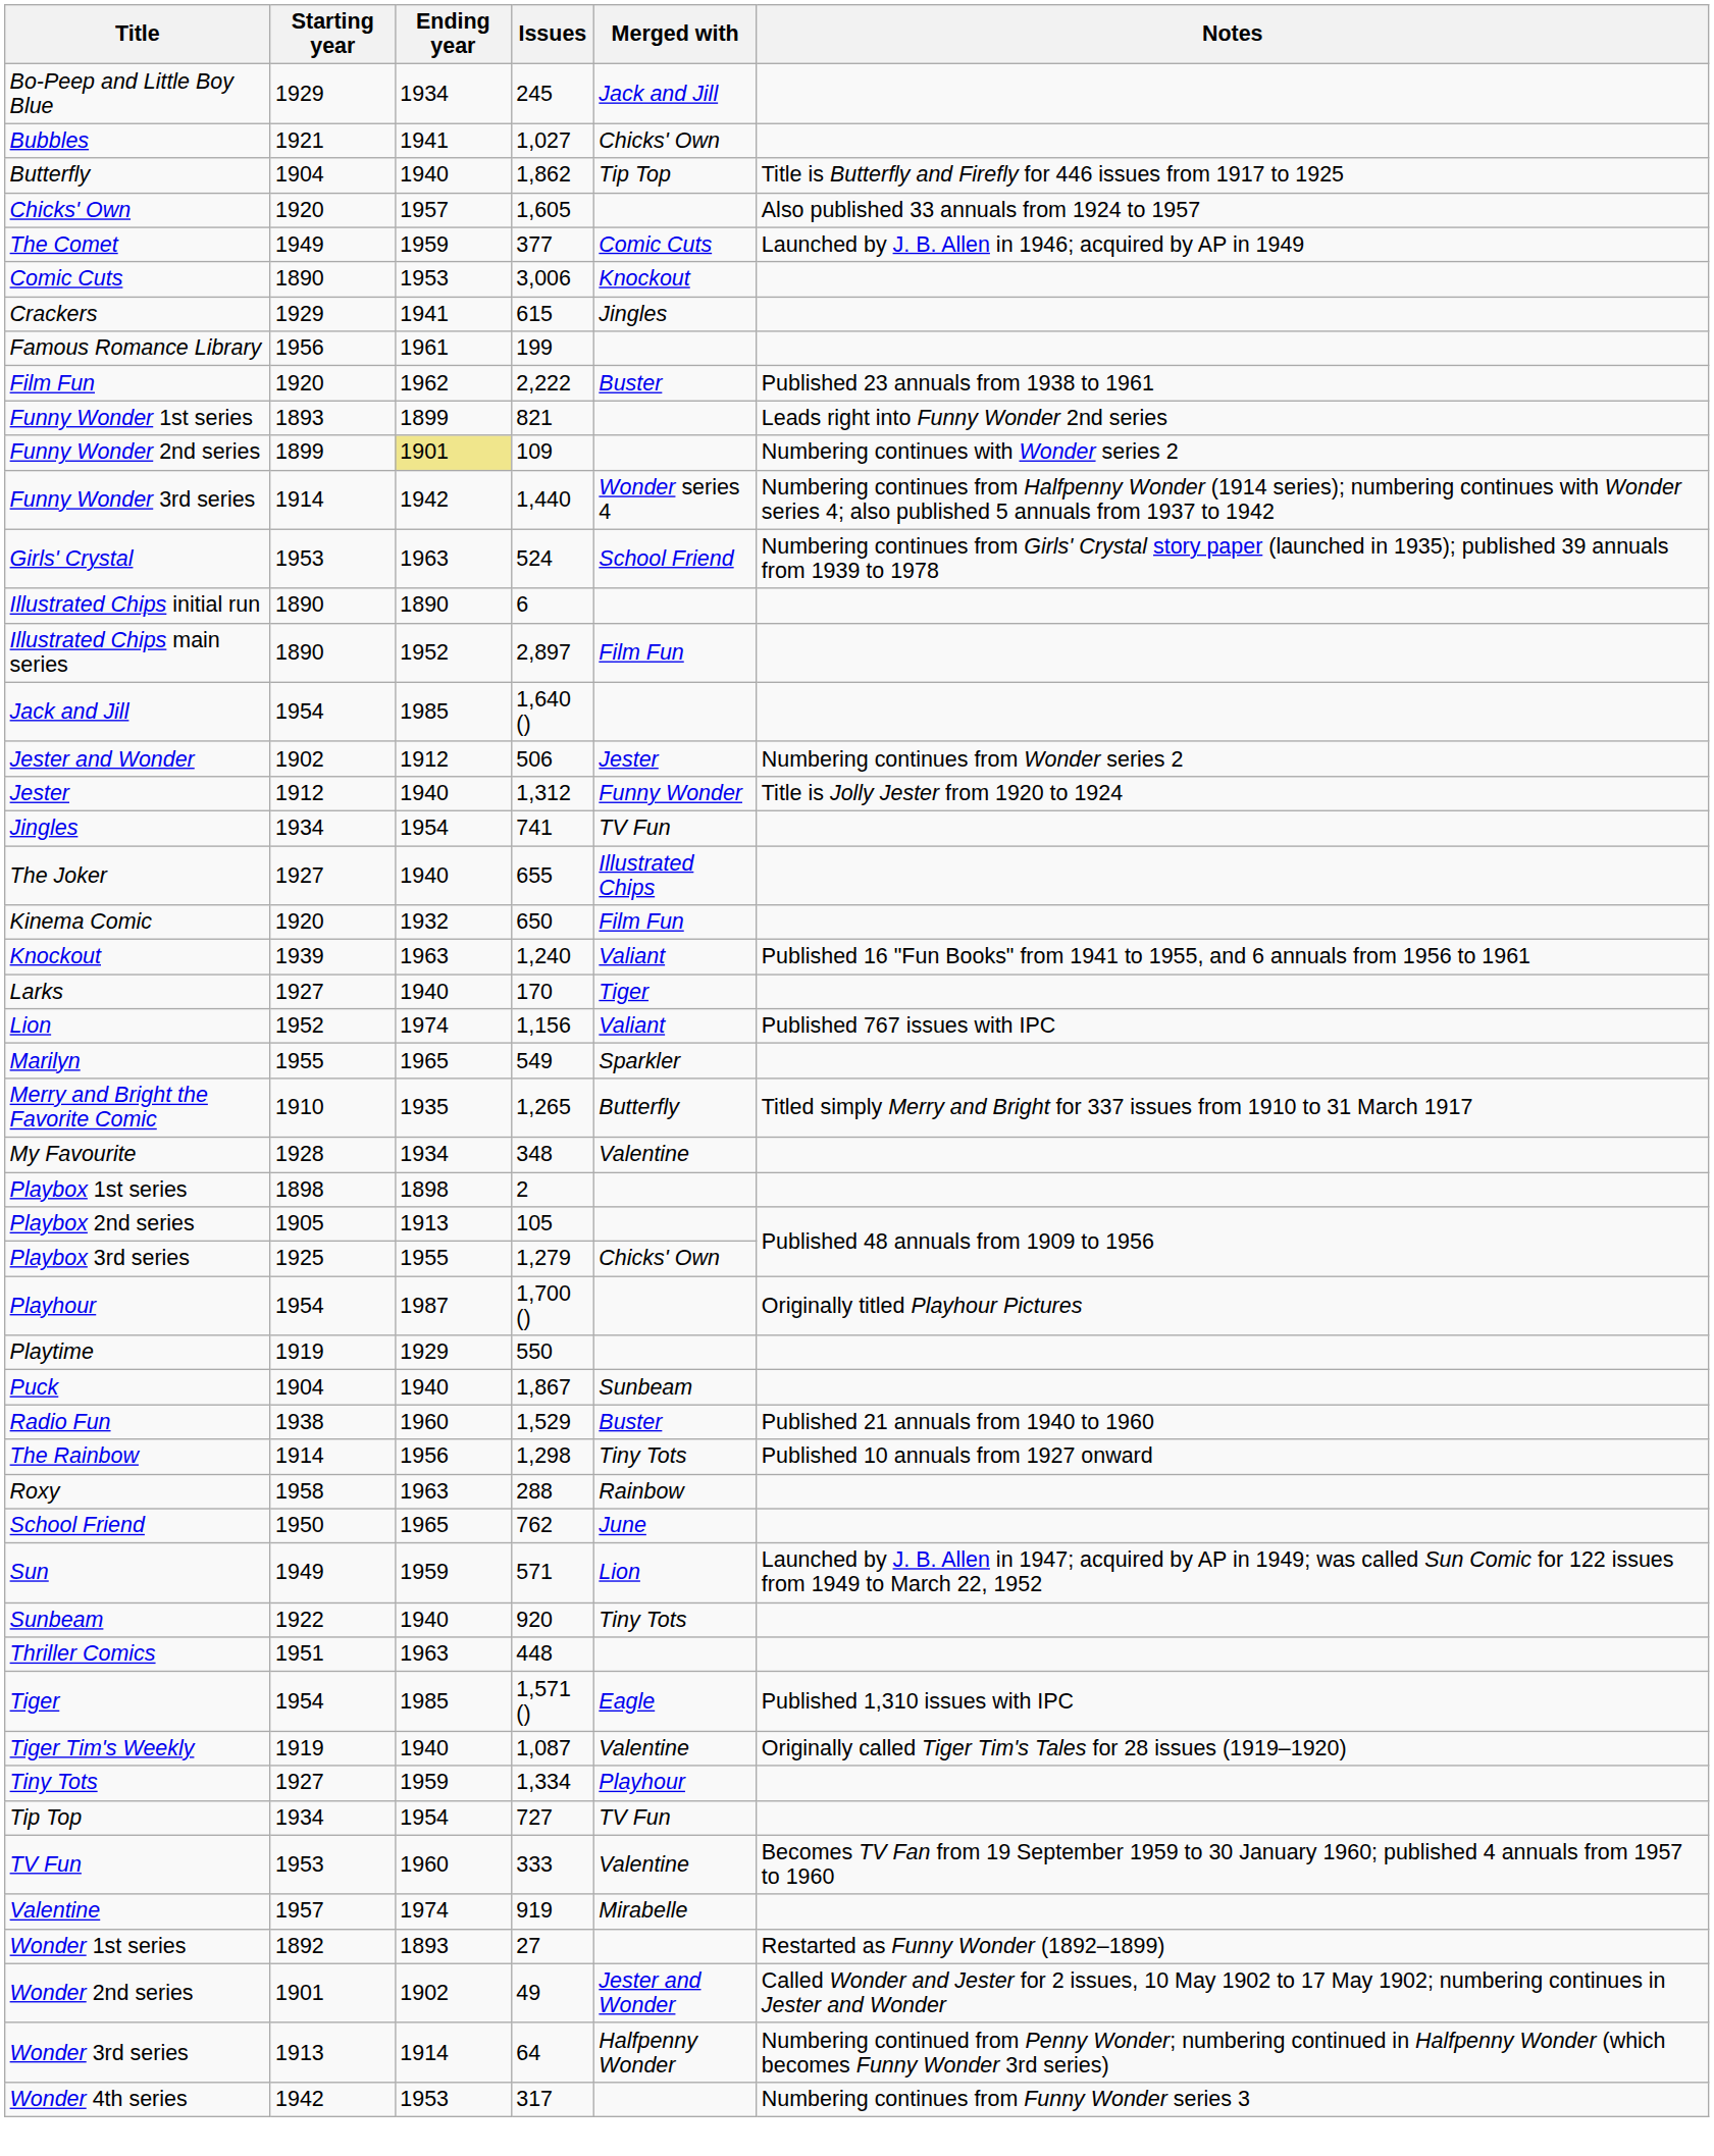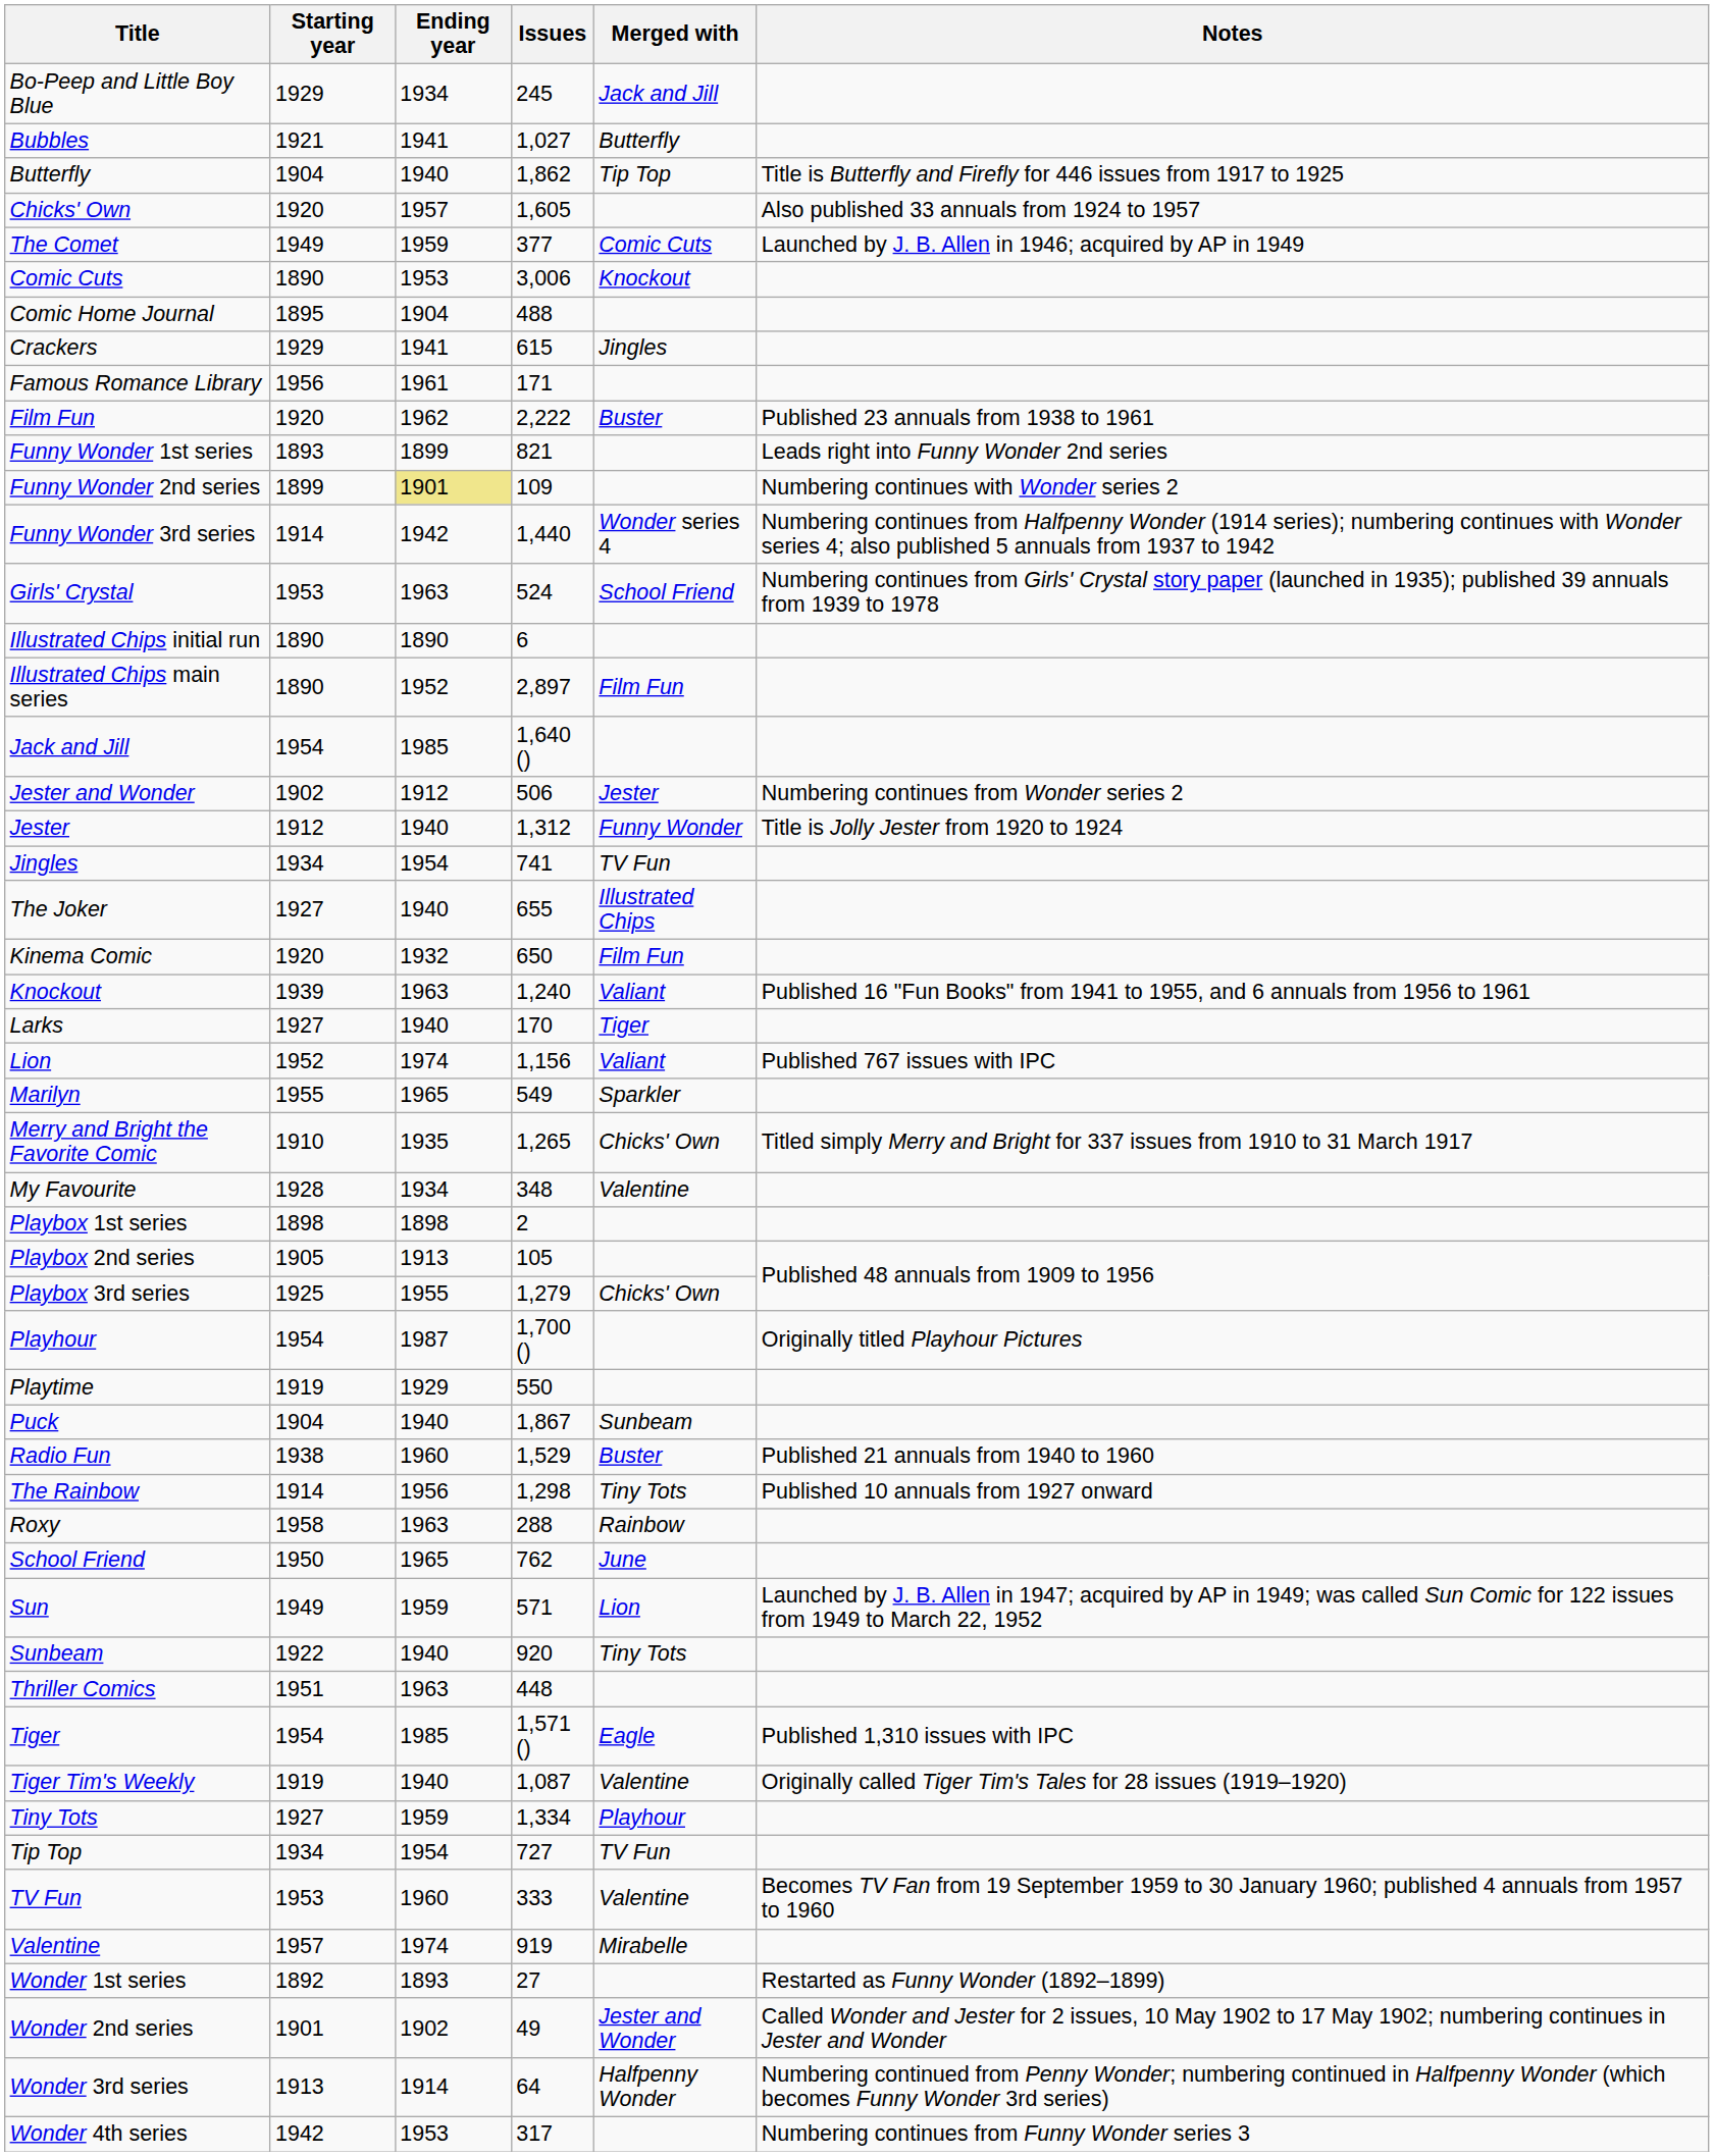 <table class="wikitable sortable">
 <tr>
 <th>Title</th>
 <th>Starting year</th>
 <th>Ending year</th>
 <th>Issues</th>
 <th>Merged with</th>
 <th>Notes</th>
 </tr>
 <tr>
 <td><em>Bo-Peep and Little Boy Blue</em></td>
 <td>1929</td>
 <td>1934</td>
 <td>245</td>
 <td><em><a href='#'>Jack and Jill</a></em></td>
 <td></td>
 </tr>
 <tr>
 <td><em><a href='#'>Bubbles</a></em></td>
 <td>1921</td>
 <td>1941</td>
 <td>1,027</td>
-<td><em>Chicks' Own</em></td>
+<td><em>Butterfly</em></td>
 <td></td>
 </tr>
 <tr>
 <td><em>Butterfly</em></td>
 <td>1904</td>
 <td>1940</td>
 <td>1,862</td>
 <td><em>Tip Top</em></td>
 <td>Title is <em>Butterfly and Firefly</em> for 446 issues from 1917 to 1925</td>
 </tr>
 <tr>
 <td><em><a href='#'>Chicks' Own</a></em></td>
 <td>1920</td>
 <td>1957</td>
 <td>1,605</td>
 <td></td>
 <td>Also published 33 annuals from 1924 to 1957</td>
 </tr>
 <tr>
 <td><em><a href='#'>The Comet</a></em></td>
 <td>1949</td>
 <td>1959</td>
 <td>377</td>
 <td><em><a href='#'>Comic Cuts</a></em></td>
 <td>Launched by <a href='#'>J. B. Allen</a> in 1946; acquired by AP in 1949</td>
 </tr>
 <tr>
 <td><em><a href='#'>Comic Cuts</a></em></td>
 <td>1890</td>
 <td>1953</td>
 <td>3,006</td>
 <td><em><a href='#'>Knockout</a></em></td>
 <td></td>
 </tr>
 <tr>
+<td><em>Comic Home Journal</em></td>
+<td>1895</td>
+<td>1904</td>
+<td>488</td>
+<td></td>
+<td></td>
+</tr>
+<tr>
 <td><em>Crackers</em></td>
 <td>1929</td>
 <td>1941</td>
 <td>615</td>
 <td><em>Jingles</em></td>
 <td></td>
 </tr>
 <tr>
 <td><em>Famous Romance Library</em></td>
 <td>1956</td>
 <td>1961</td>
-<td>199</td>
+<td>171</td>
 <td></td>
 <td></td>
 </tr>
 <tr>
 <td><em><a href='#'>Film Fun</a></em></td>
 <td>1920</td>
 <td>1962</td>
 <td>2,222</td>
 <td><em><a href='#'>Buster</a></em></td>
 <td>Published 23 annuals from 1938 to 1961</td>
 </tr>
 <tr>
 <td><em><a href='#'>Funny Wonder</a></em> 1st series</td>
 <td>1893</td>
 <td>1899</td>
 <td>821</td>
 <td></td>
 <td>Leads right into <em>Funny Wonder</em> 2nd series</td>
 </tr>
 <tr>
 <td><em><a href='#'>Funny Wonder</a></em> 2nd series</td>
 <td>1899</td>
 <td style="background: khaki;">1901</td>
 <td>109</td>
 <td></td>
 <td>Numbering continues with <em><a href='#'>Wonder</a></em> series 2</td>
 </tr>
 <tr>
 <td><em><a href='#'>Funny Wonder</a></em> 3rd series</td>
 <td>1914</td>
 <td>1942</td>
 <td>1,440</td>
 <td><em><a href='#'>Wonder</a></em> series 4</td>
 <td>Numbering continues from <em>Halfpenny Wonder</em> (1914 series); numbering continues with <em>Wonder</em> series 4; also published 5 annuals from 1937 to 1942</td>
 </tr>
 <tr>
 <td><em><a href='#'>Girls' Crystal</a></em></td>
 <td>1953</td>
 <td>1963</td>
 <td>524</td>
 <td><em><a href='#'>School Friend</a></em></td>
 <td>Numbering continues from <em>Girls' Crystal</em> <a href='#'>story paper</a> (launched in 1935); published 39 annuals from 1939 to 1978</td>
 </tr>
 <tr>
 <td><em><a href='#'>Illustrated Chips</a></em> initial run</td>
 <td>1890</td>
 <td>1890</td>
 <td>6</td>
 <td></td>
 <td></td>
 </tr>
 <tr>
 <td><em><a href='#'>Illustrated Chips</a></em> main series</td>
 <td>1890</td>
 <td>1952</td>
 <td>2,897</td>
 <td><em><a href='#'>Film Fun</a></em></td>
 <td></td>
 </tr>
 <tr>
 <td><em><a href='#'>Jack and Jill</a></em></td>
 <td>1954</td>
 <td>1985</td>
 <td>1,640 ()</td>
 <td></td>
 <td></td>
 </tr>
 <tr>
 <td><em><a href='#'>Jester and Wonder</a></em></td>
 <td>1902</td>
 <td>1912</td>
 <td>506</td>
 <td><em><a href='#'>Jester</a></em></td>
 <td>Numbering continues from <em>Wonder</em> series 2</td>
 </tr>
 <tr>
 <td><em><a href='#'>Jester</a></em></td>
 <td>1912</td>
 <td>1940</td>
 <td>1,312</td>
 <td><em><a href='#'>Funny Wonder</a></em></td>
 <td>Title is <em>Jolly Jester</em> from 1920 to 1924</td>
 </tr>
 <tr>
 <td><em><a href='#'>Jingles</a></em></td>
 <td>1934</td>
 <td>1954</td>
 <td>741</td>
 <td><em>TV Fun</em></td>
 <td></td>
 </tr>
 <tr>
 <td><em>The Joker</em></td>
 <td>1927</td>
 <td>1940</td>
 <td>655</td>
 <td><em><a href='#'>Illustrated Chips</a></em></td>
 <td></td>
 </tr>
 <tr>
 <td><em>Kinema Comic</em></td>
 <td>1920</td>
 <td>1932</td>
 <td>650</td>
 <td><em><a href='#'>Film Fun</a></em></td>
 <td></td>
 </tr>
 <tr>
 <td><em><a href='#'>Knockout</a></em></td>
 <td>1939</td>
 <td>1963</td>
 <td>1,240</td>
 <td><em><a href='#'>Valiant</a></em></td>
 <td>Published 16 "Fun Books" from 1941 to 1955, and 6 annuals from 1956 to 1961</td>
 </tr>
 <tr>
 <td><em>Larks</em></td>
 <td>1927</td>
 <td>1940</td>
 <td>170</td>
 <td><em><a href='#'>Tiger</a></em></td>
 <td></td>
 </tr>
 <tr>
 <td><em><a href='#'>Lion</a></em></td>
 <td>1952</td>
 <td>1974</td>
 <td>1,156</td>
 <td><em><a href='#'>Valiant</a></em></td>
 <td>Published 767 issues with IPC<br> </td>
 </tr>
 <tr>
 <td><em><a href='#'>Marilyn</a></em></td>
 <td>1955</td>
 <td>1965</td>
 <td>549</td>
 <td><em>Sparkler</em></td>
 <td></td>
 </tr>
 <tr>
 <td><em><a href='#'>Merry and Bright the Favorite Comic</a></em></td>
 <td>1910</td>
 <td>1935</td>
 <td>1,265</td>
-<td><em>Butterfly</em></td>
+<td><em>Chicks' Own</em></td>
 <td>Titled simply <em>Merry and Bright</em> for 337 issues from 1910 to 31 March 1917</td>
 </tr>
 <tr>
 <td><em>My Favourite</em></td>
 <td>1928</td>
 <td>1934</td>
 <td>348</td>
 <td><em>Valentine</em></td>
 <td></td>
 </tr>
 <tr>
 <td><em><a href='#'>Playbox</a></em> 1st series</td>
 <td>1898</td>
 <td>1898</td>
 <td>2</td>
 <td></td>
 <td></td>
 </tr>
 <tr>
 <td><em><a href='#'>Playbox</a></em> 2nd series</td>
 <td>1905</td>
 <td>1913</td>
 <td>105</td>
 <td></td>
 <td rowspan=2>Published 48 annuals from 1909 to 1956</td>
 </tr>
 <tr>
 <td><em><a href='#'>Playbox</a></em> 3rd series</td>
 <td>1925</td>
 <td>1955</td>
 <td>1,279</td>
 <td><em>Chicks' Own</em></td>
 </tr>
 <tr>
 <td><em><a href='#'>Playhour</a></em></td>
 <td>1954</td>
 <td>1987</td>
 <td>1,700 ()</td>
 <td></td>
 <td>Originally titled <em>Playhour Pictures</em></td>
 </tr>
 <tr>
 <td><em>Playtime</em></td>
 <td>1919</td>
 <td>1929</td>
 <td>550</td>
 <td></td>
 <td></td>
 </tr>
 <tr>
 <td><em><a href='#'>Puck</a></em></td>
 <td>1904</td>
 <td>1940</td>
 <td>1,867</td>
 <td><em>Sunbeam</em></td>
 <td></td>
 </tr>
 <tr>
 <td><em><a href='#'>Radio Fun</a></em></td>
 <td>1938</td>
 <td>1960</td>
 <td>1,529</td>
 <td><em><a href='#'>Buster</a></em></td>
 <td>Published 21 annuals from 1940 to 1960</td>
 </tr>
 <tr>
 <td><em><a href='#'>The Rainbow</a></em></td>
 <td>1914</td>
 <td>1956</td>
 <td>1,298</td>
 <td><em>Tiny Tots</em></td>
 <td>Published 10 annuals from 1927 onward</td>
 </tr>
 <tr>
 <td><em>Roxy</em></td>
 <td>1958</td>
 <td>1963</td>
 <td>288</td>
 <td><em>Rainbow</em></td>
 <td></td>
 </tr>
 <tr>
 <td><em><a href='#'>School Friend</a></em></td>
 <td>1950</td>
 <td>1965</td>
 <td>762</td>
 <td><em><a href='#'>June</a></em></td>
 <td></td>
 </tr>
 <tr>
 <td><em><a href='#'>Sun</a></em></td>
 <td>1949</td>
 <td>1959</td>
 <td>571</td>
 <td><em><a href='#'>Lion</a></em></td>
 <td>Launched by <a href='#'>J. B. Allen</a> in 1947; acquired by AP in 1949; was called <em>Sun Comic</em> for 122 issues from 1949 to March 22, 1952</td>
 </tr>
 <tr>
 <td><em><a href='#'>Sunbeam</a></em></td>
 <td>1922</td>
 <td>1940</td>
 <td>920</td>
 <td><em>Tiny Tots</em></td>
 <td></td>
 </tr>
 <tr>
 <td><em><a href='#'>Thriller Comics</a></em></td>
 <td>1951</td>
 <td>1963</td>
 <td>448</td>
 <td></td>
 <td></td>
 </tr>
 <tr>
 <td><em><a href='#'>Tiger</a></em></td>
 <td>1954</td>
 <td>1985</td>
 <td>1,571 ()</td>
 <td><em><a href='#'>Eagle</a></em></td>
 <td>Published  1,310 issues with IPC</td>
 </tr>
 <tr>
 <td><em><a href='#'>Tiger Tim's Weekly</a></em></td>
 <td>1919</td>
 <td>1940</td>
 <td>1,087</td>
 <td><em>Valentine</em></td>
 <td>Originally called <em>Tiger Tim's Tales</em> for 28 issues (1919–1920)</td>
 </tr>
 <tr>
 <td><em><a href='#'>Tiny Tots</a></em></td>
 <td>1927</td>
 <td>1959</td>
 <td>1,334</td>
 <td><em><a href='#'>Playhour</a></em></td>
 <td></td>
 </tr>
 <tr>
 <td><em>Tip Top</em></td>
 <td>1934</td>
 <td>1954</td>
 <td>727</td>
 <td><em>TV Fun</em></td>
 <td></td>
 </tr>
 <tr>
 <td><em><a href='#'>TV Fun</a></em></td>
 <td>1953</td>
 <td>1960</td>
 <td>333</td>
 <td><em>Valentine</em></td>
 <td>Becomes <em>TV Fan</em> from 19 September 1959 to 30 January 1960; published 4 annuals from 1957 to 1960</td>
 </tr>
 <tr>
 <td><em><a href='#'>Valentine</a></em></td>
 <td>1957</td>
 <td>1974</td>
 <td>919</td>
 <td><em>Mirabelle</em></td>
 <td></td>
 </tr>
 <tr>
 <td><em><a href='#'>Wonder</a></em> 1st series</td>
 <td>1892</td>
 <td>1893</td>
 <td>27</td>
 <td></td>
 <td>Restarted as <em>Funny Wonder</em> (1892–1899)</td>
 </tr>
 <tr>
 <td><em><a href='#'>Wonder</a></em> 2nd series</td>
 <td>1901</td>
 <td>1902</td>
 <td>49</td>
 <td><em><a href='#'>Jester and Wonder</a></em></td>
 <td>Called <em>Wonder and Jester</em> for 2 issues, 10 May 1902 to 17 May 1902; numbering continues in <em>Jester and Wonder</em></td>
 </tr>
 <tr>
 <td><em><a href='#'>Wonder</a></em> 3rd series</td>
 <td>1913</td>
 <td>1914</td>
 <td>64</td>
 <td><em>Halfpenny Wonder</em></td>
 <td>Numbering continued from <em>Penny Wonder</em>; numbering continued in <em>Halfpenny Wonder</em> (which becomes <em>Funny Wonder</em> 3rd series)</td>
 </tr>
 <tr>
 <td><em><a href='#'>Wonder</a></em> 4th series</td>
 <td>1942</td>
 <td>1953</td>
 <td>317</td>
 <td></td>
 <td>Numbering continues from <em>Funny Wonder</em> series 3</td>
 </tr>
 </table>
